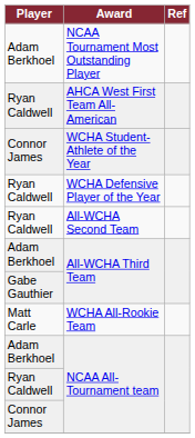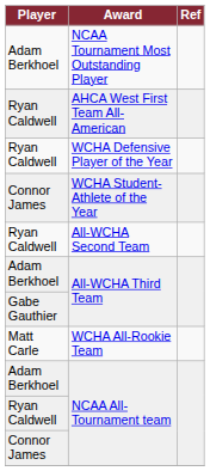 <table class="wikitable" width=40%>
 <tr>
 <th style="color:white; background:#862633; ">Player</th>
 <th style="color:white; background:#862633; ">Award</th>
 <th style="color:white; background:#862633; ">Ref</th>
 </tr>
 <tr>
 <td>Adam Berkhoel</td>
 <td rowspan=1><a href='#'>NCAA Tournament Most Outstanding Player</a></td>
 <td rowspan=1></td>
 </tr>
 <tr bgcolor=f0f0f0>
 <td>Ryan Caldwell</td>
 <td rowspan=1><a href='#'>AHCA West First Team All-American</a></td>
 <td rowspan=1></td>
 </tr>
+<tr>
+<td>Ryan Caldwell</td>
+<td rowspan=1><a href='#'>WCHA Defensive Player of the Year</a></td>
+<td rowspan=1></td>
+</tr>
 <tr bgcolor=f0f0f0>
 <td>Connor James</td>
 <td rowspan=1><a href='#'>WCHA Student-Athlete of the Year</a></td>
-<td rowspan=1></td>
-</tr>
-<tr>
-<td>Ryan Caldwell</td>
-<td rowspan=1><a href='#'>WCHA Defensive Player of the Year</a></td>
 <td rowspan=1></td>
 </tr>
 <tr>
 <td>Ryan Caldwell</td>
 <td rowspan=1><a href='#'>All-WCHA Second Team</a></td>
 <td rowspan=1></td>
 </tr>
 <tr bgcolor=f0f0f0>
 <td>Adam Berkhoel</td>
 <td rowspan=2><a href='#'>All-WCHA Third Team</a></td>
 <td rowspan=2></td>
 </tr>
 <tr bgcolor=f0f0f0>
 <td>Gabe Gauthier</td>
 </tr>
 <tr>
 <td>Matt Carle</td>
 <td rowspan=1><a href='#'>WCHA All-Rookie Team</a></td>
 <td rowspan=1></td>
 </tr>
 <tr bgcolor=f0f0f0>
 <td>Adam Berkhoel</td>
 <td rowspan=3><a href='#'>NCAA All-Tournament team</a></td>
 <td rowspan=3></td>
 </tr>
 <tr bgcolor=f0f0f0>
 <td>Ryan Caldwell</td>
 </tr>
 <tr bgcolor=f0f0f0>
 <td>Connor James</td>
 </tr>
 <tr>
 </tr>
 </table>
